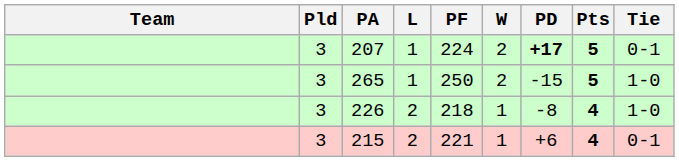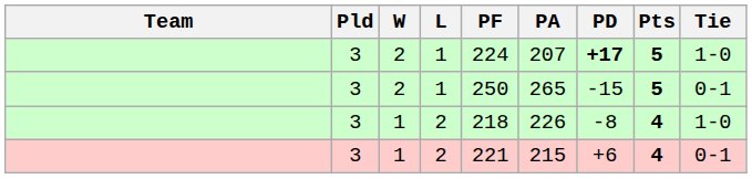 <table class="wikitable" style="text-align:center;">
 <tr>
 <th width=200>Team</th>
 <th width=20>Pld</th>
-<th width=30>PA</th>
+<th width=20>W</th>
 <th width=20>L</th>
 <th width=30>PF</th>
-<th width=20>W</th>
+<th width=30>PA</th>
 <th width=30>PD</th>
 <th width=20>Pts</th>
 <th width=35>Tie</th>
 </tr>
 <tr bgcolor="#ccffcc">
 <td align=left></td>
 <td>3</td>
-<td>207</td>
+<td>2</td>
 <td>1</td>
 <td>224</td>
+<td>207</td>
+<td><strong>+17</strong></td>
+<td><strong>5</strong></td>
+<td>1-0</td>
+</tr>
+<tr bgcolor="#ccffcc">
+<td align=left></td>
+<td>3</td>
 <td>2</td>
-<td><strong>+17</strong></td>
+<td>1</td>
+<td>250</td>
+<td>265</td>
+<td>-15</td>
 <td><strong>5</strong></td>
 <td>0-1</td>
 </tr>
 <tr bgcolor="#ccffcc">
 <td align=left></td>
 <td>3</td>
-<td>265</td>
 <td>1</td>
-<td>250</td>
-<td>2</td>
-<td>-15</td>
-<td><strong>5</strong></td>
-<td>1-0</td>
-</tr>
-<tr bgcolor="#ccffcc">
-<td align=left></td>
-<td>3</td>
-<td>226</td>
 <td>2</td>
 <td>218</td>
-<td>1</td>
+<td>226</td>
 <td>-8</td>
 <td><strong>4</strong></td>
 <td>1-0</td>
 </tr>
 <tr bgcolor=#ffcccc>
 <td align=left></td>
 <td>3</td>
-<td>215</td>
+<td>1</td>
 <td>2</td>
 <td>221</td>
-<td>1</td>
+<td>215</td>
 <td>+6</td>
 <td><strong>4</strong></td>
 <td>0-1</td>
 </tr>
 </table>
